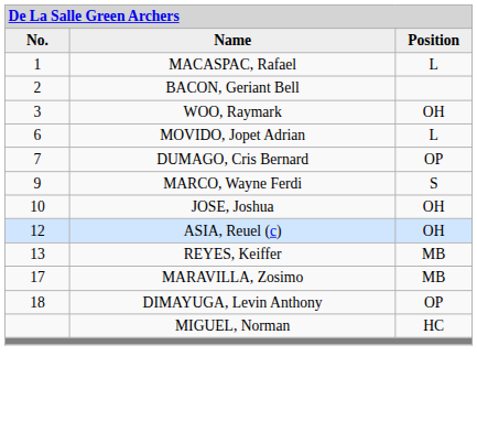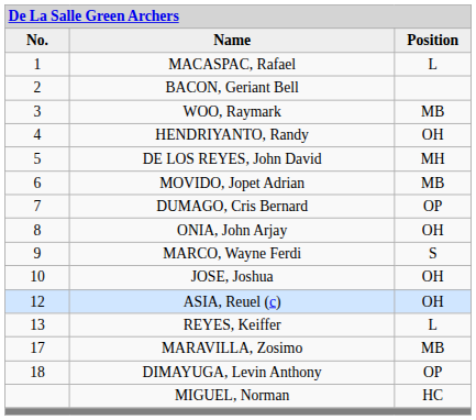 <table class='wikitable mw-collapsible mw-collapsed' style="text-align: center; width: 500px; border: none">
 <tr>
 <th style="background:#D4D4D4; text-align:left;" colspan=3><a href='#'>De La Salle Green Archers</a></th>
 </tr>
 <tr style="background:#EEEEEE; font-weight:bold;">
 <td width=10%>No.</td>
 <td width=50%>Name</td>
 <td width=10%>Position</td>
 </tr>
 <tr>
 <td align=center>1</td>
 <td>MACASPAC, Rafael</td>
 <td align=center>L</td>
 </tr>
 <tr>
 <td align=center>2</td>
 <td>BACON, Geriant Bell</td>
 <td align=center></td>
 </tr>
 <tr>
 <td align=center>3</td>
 <td>WOO, Raymark</td>
+<td align=center>MB</td>
+</tr>
+<tr>
+<td align=center>4</td>
+<td>HENDRIYANTO, Randy</td>
 <td align=center>OH</td>
+</tr>
+<tr>
+<td align=center>5</td>
+<td>DE LOS REYES, John David</td>
+<td align=center>MH</td>
 </tr>
 <tr>
 <td align=center>6</td>
 <td>MOVIDO, Jopet Adrian</td>
-<td align=center>L</td>
+<td align=center>MB</td>
 </tr>
 <tr>
 <td align=center>7</td>
 <td>DUMAGO, Cris Bernard</td>
 <td align=center>OP</td>
+</tr>
+<tr>
+<td align=center>8</td>
+<td>ONIA, John Arjay</td>
+<td align=center>OH</td>
 </tr>
 <tr>
 <td align=center>9</td>
 <td>MARCO, Wayne Ferdi</td>
 <td align=center>S</td>
 </tr>
 <tr>
 <td align=center>10</td>
 <td>JOSE, Joshua</td>
 <td align=center>OH</td>
 </tr>
 <tr style="background: #D0E6FF">
 <td align=center>12</td>
 <td>ASIA, Reuel (<a href='#'>c</a>)</td>
 <td align=center>OH</td>
 </tr>
 <tr>
 <td align=center>13</td>
 <td>REYES, Keiffer</td>
-<td align=center>MB</td>
+<td align=center>L</td>
 </tr>
 <tr>
 <td align=center>17</td>
 <td>MARAVILLA, Zosimo</td>
 <td align=center>MB</td>
 </tr>
 <tr>
 <td align=center>18</td>
 <td>DIMAYUGA, Levin Anthony</td>
 <td align=center>OP</td>
 </tr>
 <tr>
 <td align=center></td>
 <td>MIGUEL, Norman</td>
 <td align=center>HC</td>
 </tr>
 <tr>
 <th style='background: grey;' colspan=3></th>
 </tr>
 </table>
